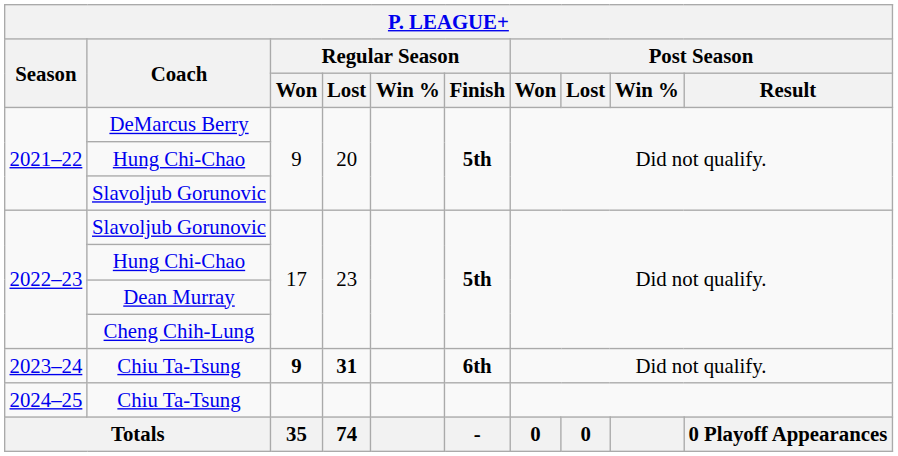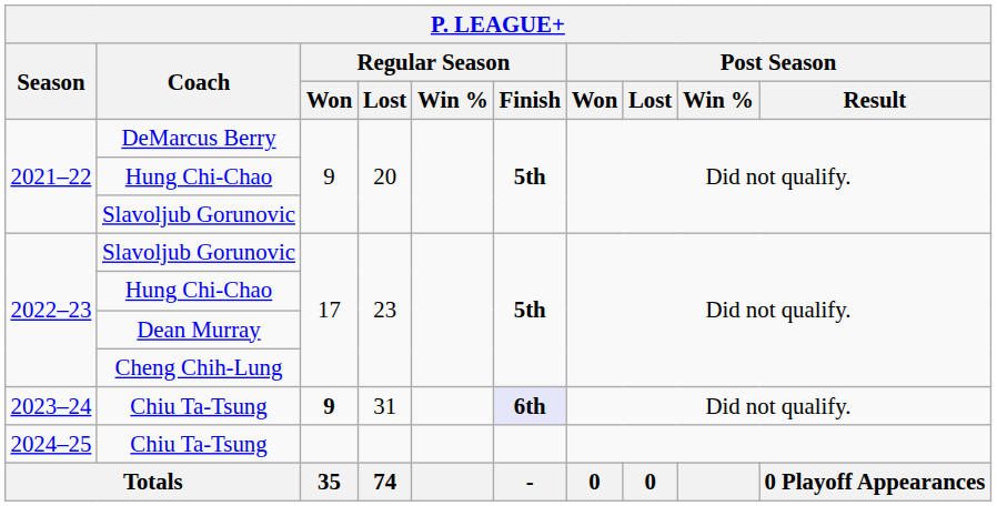 <table class="wikitable" style="font-size: 95%; text-align:center;">
 <tr>
 <th colspan="10"><a href='#'>P. LEAGUE+</a></th>
 </tr>
 <tr>
 <th rowspan="2">Season</th>
 <th rowspan="2">Coach</th>
 <th colspan="4">Regular Season</th>
 <th colspan="4">Post Season</th>
 </tr>
 <tr>
 <th>Won</th>
 <th>Lost</th>
 <th>Win %</th>
 <th>Finish</th>
 <th>Won</th>
 <th>Lost</th>
 <th>Win %</th>
 <th>Result</th>
 </tr>
 <tr>
 <td rowspan=3><a href='#'>2021–22</a></td>
 <td><a href='#'>DeMarcus Berry</a></td>
 <td rowspan=3>9</td>
 <td rowspan=3>20</td>
 <td rowspan=3></td>
 <td rowspan=3><strong>5th</strong></td>
 <td rowspan="3" colspan="4">Did not qualify.</td>
 </tr>
 <tr>
 <td><a href='#'>Hung Chi-Chao</a></td>
 </tr>
 <tr>
 <td><a href='#'>Slavoljub Gorunovic</a></td>
 </tr>
 <tr>
 <td rowspan=4><a href='#'>2022–23</a></td>
 <td><a href='#'>Slavoljub Gorunovic</a></td>
 <td rowspan=4>17</td>
 <td rowspan=4>23</td>
 <td rowspan=4></td>
 <td rowspan=4><strong>5th</strong></td>
 <td rowspan="4" colspan="4">Did not qualify.</td>
 </tr>
 <tr>
 <td><a href='#'>Hung Chi-Chao</a></td>
 </tr>
 <tr>
 <td><a href='#'>Dean Murray</a></td>
 </tr>
 <tr>
 <td><a href='#'>Cheng Chih-Lung</a></td>
 </tr>
 <tr>
 <td><a href='#'>2023–24</a></td>
 <td><a href='#'>Chiu Ta-Tsung</a></td>
 <td><strong>9</strong></td>
-<td><strong>31</strong></td>
+<td>31</td>
 <td></td>
-<td><strong>6th</strong></td>
+<td style="background: lavender;"><strong>6th</strong></td>
 <td colspan="4">Did not qualify.</td>
 </tr>
 <tr>
 <td><a href='#'>2024–25</a></td>
 <td><a href='#'>Chiu Ta-Tsung</a></td>
 <td></td>
 <td></td>
 <td></td>
 <td></td>
 </tr>
 <tr>
 <th colspan="2">Totals</th>
 <th>35</th>
 <th>74</th>
 <th></th>
 <th>-</th>
 <th>0</th>
 <th>0</th>
 <th></th>
 <th>0 Playoff Appearances</th>
 </tr>
 </table>
